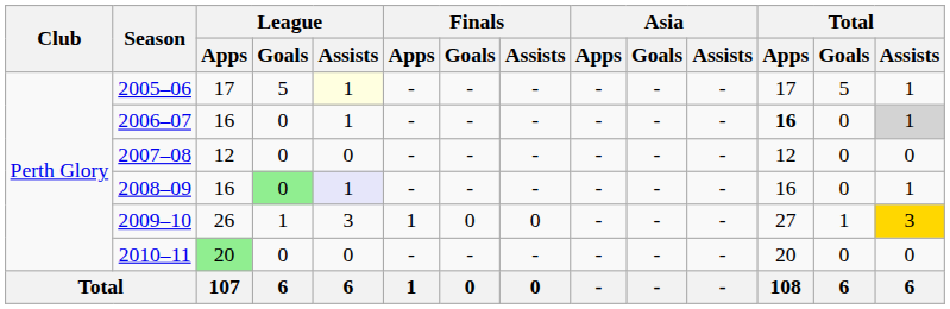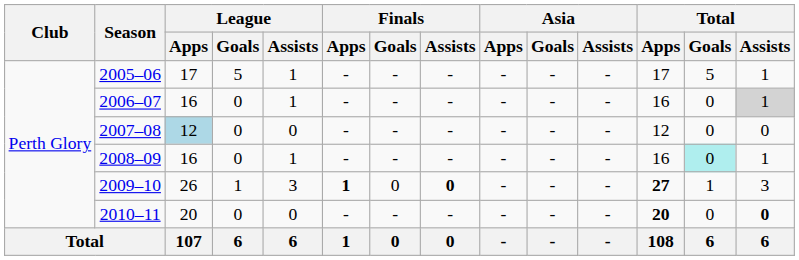 <table class="wikitable" style="text-align: center;">
 <tr>
 <th rowspan="2">Club</th>
 <th rowspan="2">Season</th>
 <th colspan="3">League</th>
 <th colspan="3">Finals</th>
 <th colspan="3">Asia</th>
 <th colspan="3">Total</th>
 </tr>
 <tr>
 <th>Apps</th>
 <th>Goals</th>
 <th>Assists</th>
 <th>Apps</th>
 <th>Goals</th>
 <th>Assists</th>
 <th>Apps</th>
 <th>Goals</th>
 <th>Assists</th>
 <th>Apps</th>
 <th>Goals</th>
 <th>Assists</th>
 </tr>
 <tr>
 <td rowspan="6" valign="center"><a href='#'>Perth Glory</a></td>
 <td><a href='#'>2005–06</a></td>
 <td>17</td>
 <td>5</td>
-<td style="background: lightyellow;">1</td>
+<td>1</td>
 <td>-</td>
 <td>-</td>
 <td>-</td>
 <td>-</td>
 <td>-</td>
 <td>-</td>
 <td>17</td>
 <td>5</td>
 <td>1</td>
 </tr>
 <tr>
 <td><a href='#'>2006–07</a></td>
 <td>16</td>
 <td>0</td>
 <td>1</td>
 <td>-</td>
 <td>-</td>
 <td>-</td>
 <td>-</td>
 <td>-</td>
 <td>-</td>
-<td><strong>16</strong></td>
+<td>16</td>
 <td>0</td>
 <td style="background: lightgrey;">1</td>
 </tr>
 <tr>
 <td><a href='#'>2007–08</a></td>
-<td>12</td>
+<td style="background: lightblue;">12</td>
 <td>0</td>
 <td>0</td>
 <td>-</td>
 <td>-</td>
 <td>-</td>
 <td>-</td>
 <td>-</td>
 <td>-</td>
 <td>12</td>
 <td>0</td>
 <td>0</td>
 </tr>
 <tr>
 <td><a href='#'>2008–09</a></td>
 <td>16</td>
-<td style="background: lightgreen;">0</td>
-<td style="background: lavender;">1</td>
+<td>0</td>
+<td>1</td>
 <td>-</td>
 <td>-</td>
 <td>-</td>
 <td>-</td>
 <td>-</td>
 <td>-</td>
 <td>16</td>
-<td>0</td>
+<td style="background: paleturquoise;">0</td>
 <td>1</td>
 </tr>
 <tr>
 <td><a href='#'>2009–10</a></td>
 <td>26</td>
 <td>1</td>
 <td>3</td>
-<td>1</td>
+<td><strong>1</strong></td>
 <td>0</td>
-<td>0</td>
+<td><strong>0</strong></td>
 <td>-</td>
 <td>-</td>
 <td>-</td>
-<td>27</td>
+<td><strong>27</strong></td>
 <td>1</td>
-<td style="background: gold;">3</td>
+<td>3</td>
 </tr>
 <tr>
 <td><a href='#'>2010–11</a></td>
-<td style="background: lightgreen;">20</td>
+<td>20</td>
 <td>0</td>
 <td>0</td>
 <td>-</td>
 <td>-</td>
 <td>-</td>
 <td>-</td>
 <td>-</td>
 <td>-</td>
-<td>20</td>
+<td><strong>20</strong></td>
 <td>0</td>
-<td>0</td>
+<td><strong>0</strong></td>
 </tr>
 <tr>
 <th colspan="2">Total</th>
 <th>107</th>
 <th>6</th>
 <th>6</th>
 <th>1</th>
 <th>0</th>
 <th>0</th>
 <th>-</th>
 <th>-</th>
 <th>-</th>
 <th>108</th>
 <th>6</th>
 <th>6</th>
 </tr>
 </table>
